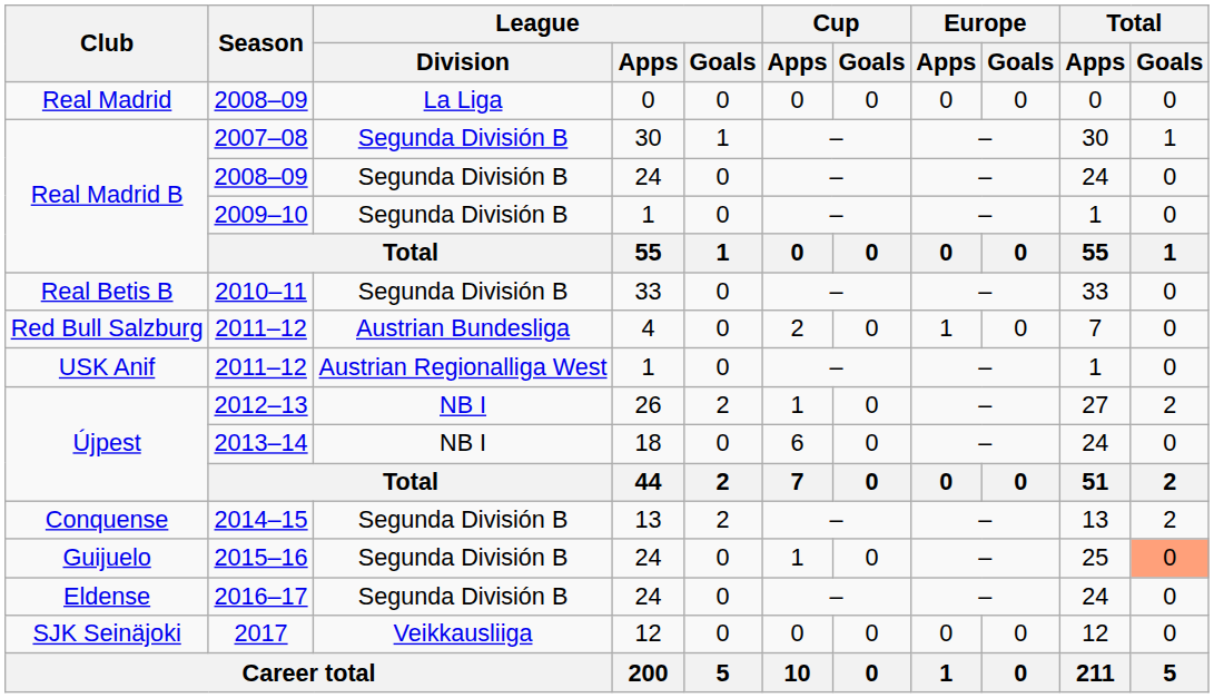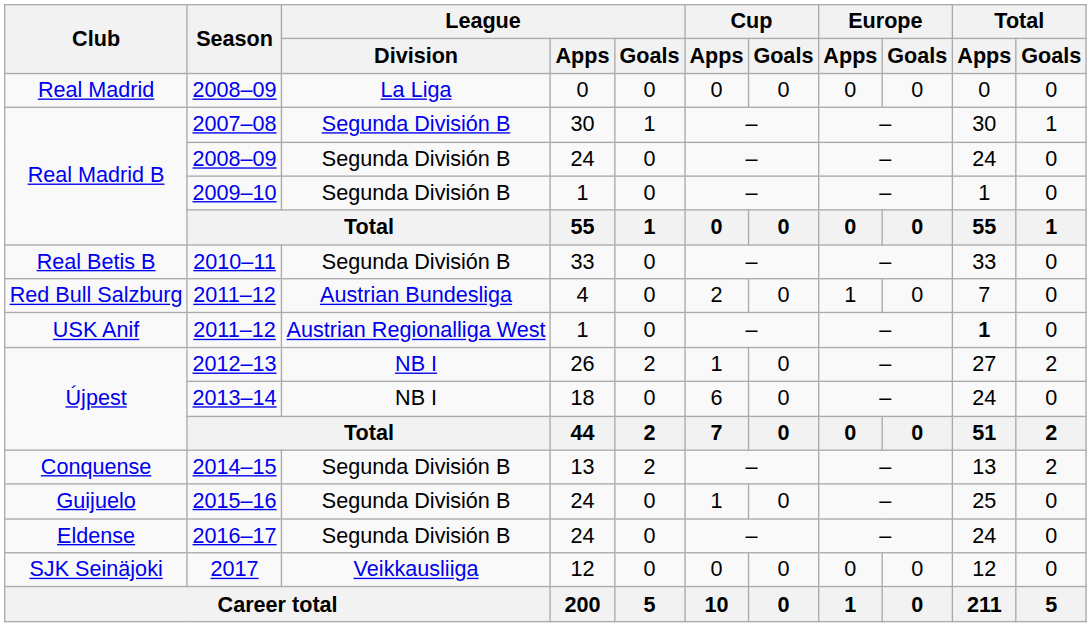 <table class="wikitable" style="text-align:center">
 <tr>
 <th rowspan="2">Club</th>
 <th rowspan="2">Season</th>
 <th colspan="3">League</th>
 <th colspan="2">Cup</th>
 <th colspan="2">Europe</th>
 <th colspan="2">Total</th>
 </tr>
 <tr>
 <th>Division</th>
 <th>Apps</th>
 <th>Goals</th>
 <th>Apps</th>
 <th>Goals</th>
 <th>Apps</th>
 <th>Goals</th>
 <th>Apps</th>
 <th>Goals</th>
 </tr>
 <tr>
 <td><a href='#'>Real Madrid</a></td>
 <td><a href='#'>2008–09</a></td>
 <td><a href='#'>La Liga</a></td>
 <td>0</td>
 <td>0</td>
 <td>0</td>
 <td>0</td>
 <td>0</td>
 <td>0</td>
 <td>0</td>
 <td>0</td>
 </tr>
 <tr>
 <td rowspan=4><a href='#'>Real Madrid B</a></td>
 <td><a href='#'>2007–08</a></td>
 <td><a href='#'>Segunda División B</a></td>
 <td>30</td>
 <td>1</td>
 <td colspan=2>–</td>
 <td colspan=2>–</td>
 <td>30</td>
 <td>1</td>
 </tr>
 <tr>
 <td><a href='#'>2008–09</a></td>
 <td>Segunda División B</td>
 <td>24</td>
 <td>0</td>
 <td colspan=2>–</td>
 <td colspan=2>–</td>
 <td>24</td>
 <td>0</td>
 </tr>
 <tr>
 <td><a href='#'>2009–10</a></td>
 <td>Segunda División B</td>
 <td>1</td>
 <td>0</td>
 <td colspan=2>–</td>
 <td colspan=2>–</td>
 <td>1</td>
 <td>0</td>
 </tr>
 <tr>
 <th colspan=2>Total</th>
 <th>55</th>
 <th>1</th>
 <th>0</th>
 <th>0</th>
 <th>0</th>
 <th>0</th>
 <th>55</th>
 <th>1</th>
 </tr>
 <tr>
 <td><a href='#'>Real Betis B</a></td>
 <td><a href='#'>2010–11</a></td>
 <td>Segunda División B</td>
 <td>33</td>
 <td>0</td>
 <td colspan=2>–</td>
 <td colspan=2>–</td>
 <td>33</td>
 <td>0</td>
 </tr>
 <tr>
 <td><a href='#'>Red Bull Salzburg</a></td>
 <td><a href='#'>2011–12</a></td>
 <td><a href='#'>Austrian Bundesliga</a></td>
 <td>4</td>
 <td>0</td>
 <td>2</td>
 <td>0</td>
 <td>1</td>
 <td>0</td>
 <td>7</td>
 <td>0</td>
 </tr>
 <tr>
 <td><a href='#'>USK Anif</a></td>
 <td><a href='#'>2011–12</a></td>
 <td><a href='#'>Austrian Regionalliga West</a></td>
 <td>1</td>
 <td>0</td>
 <td colspan=2>–</td>
 <td colspan=2>–</td>
-<td>1</td>
+<td><strong>1</strong></td>
 <td>0</td>
 </tr>
 <tr>
 <td rowspan=3><a href='#'>Újpest</a></td>
 <td><a href='#'>2012–13</a></td>
 <td><a href='#'>NB I</a></td>
 <td>26</td>
 <td>2</td>
 <td>1</td>
 <td>0</td>
 <td colspan=2>–</td>
 <td>27</td>
 <td>2</td>
 </tr>
 <tr>
 <td><a href='#'>2013–14</a></td>
 <td>NB I</td>
 <td>18</td>
 <td>0</td>
 <td>6</td>
 <td>0</td>
 <td colspan=2>–</td>
 <td>24</td>
 <td>0</td>
 </tr>
 <tr>
 <th colspan=2>Total</th>
 <th>44</th>
 <th>2</th>
 <th>7</th>
 <th>0</th>
 <th>0</th>
 <th>0</th>
 <th>51</th>
 <th>2</th>
 </tr>
 <tr>
 <td><a href='#'>Conquense</a></td>
 <td><a href='#'>2014–15</a></td>
 <td>Segunda División B</td>
 <td>13</td>
 <td>2</td>
 <td colspan=2>–</td>
 <td colspan=2>–</td>
 <td>13</td>
 <td>2</td>
 </tr>
 <tr>
 <td><a href='#'>Guijuelo</a></td>
 <td><a href='#'>2015–16</a></td>
 <td>Segunda División B</td>
 <td>24</td>
 <td>0</td>
 <td>1</td>
 <td>0</td>
 <td colspan=2>–</td>
 <td>25</td>
-<td style="background: lightsalmon;">0</td>
+<td>0</td>
 </tr>
 <tr>
 <td><a href='#'>Eldense</a></td>
 <td><a href='#'>2016–17</a></td>
 <td>Segunda División B</td>
 <td>24</td>
 <td>0</td>
 <td colspan=2>–</td>
 <td colspan=2>–</td>
 <td>24</td>
 <td>0</td>
 </tr>
 <tr>
 <td><a href='#'>SJK Seinäjoki</a></td>
 <td><a href='#'>2017</a></td>
 <td><a href='#'>Veikkausliiga</a></td>
 <td>12</td>
 <td>0</td>
 <td>0</td>
 <td>0</td>
 <td>0</td>
 <td>0</td>
 <td>12</td>
 <td>0</td>
 </tr>
 <tr>
 <th colspan="3">Career total</th>
 <th>200</th>
 <th>5</th>
 <th>10</th>
 <th>0</th>
 <th>1</th>
 <th>0</th>
 <th>211</th>
 <th>5</th>
 </tr>
 </table>
